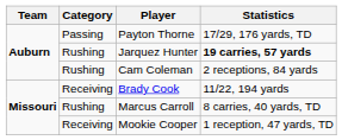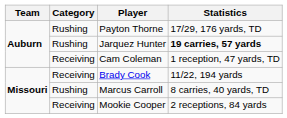 <table class="wikitable" style="float: right;">
 <tr>
 <th>Team</th>
 <th>Category</th>
 <th>Player</th>
 <th>Statistics</th>
 </tr>
 <tr>
 <td rowspan=3><strong>Auburn</strong></td>
-<td>Passing</td>
+<td>Rushing</td>
 <td>Payton Thorne</td>
 <td>17/29, 176 yards, TD</td>
 </tr>
 <tr>
 <td>Rushing</td>
 <td>Jarquez Hunter</td>
 <td><strong>19 carries, 57 yards</strong></td>
 </tr>
 <tr>
-<td>Rushing</td>
+<td>Receiving</td>
 <td>Cam Coleman</td>
-<td>2 receptions, 84 yards</td>
+<td>1 reception, 47 yards, TD</td>
 </tr>
 <tr>
 <td rowspan=3><strong>Missouri</strong></td>
 <td>Receiving</td>
 <td><a href='#'>Brady Cook</a></td>
 <td>11/22, 194 yards</td>
 </tr>
 <tr>
 <td>Rushing</td>
 <td>Marcus Carroll</td>
 <td>8 carries, 40 yards, TD</td>
 </tr>
 <tr>
 <td>Receiving</td>
 <td>Mookie Cooper</td>
-<td>1 reception, 47 yards, TD</td>
+<td>2 receptions, 84 yards</td>
 </tr>
 </table>
